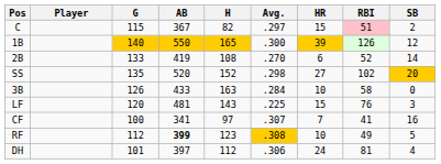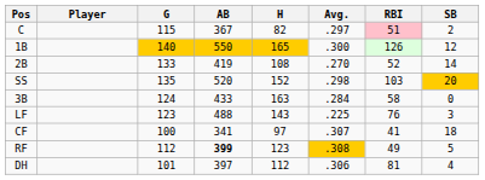 <table class="wikitable sortable">
 <tr>
 <th bgcolor="#DDDDFF" width="5%">Pos</th>
 <th bgcolor="#DDDDFF" width="16%">Player</th>
 <th bgcolor="#DDDDFF" width="9%">G</th>
 <th bgcolor="#DDDDFF" width="9%">AB</th>
 <th bgcolor="#DDDDFF" width="9%">H</th>
 <th bgcolor="#DDDDFF" width="9%">Avg.</th>
-<th bgcolor="#DDDDFF" width="9%">HR</th>
 <th bgcolor="#DDDDFF" width="9%">RBI</th>
 <th bgcolor="#DDDDFF" width="9%">SB</th>
 </tr>
 <tr align="center">
 <td>C</td>
 <td></td>
 <td>115</td>
 <td>367</td>
 <td>82</td>
 <td>.297</td>
-<td>15</td>
 <td style="background: pink;">51</td>
 <td>2</td>
 </tr>
 <tr align="center">
 <td>1B</td>
 <td></td>
 <td style="background:#fc0;">140</td>
 <td style="background:#fc0;">550</td>
 <td style="background:#fc0;">165</td>
 <td>.300</td>
-<td style="background:#fc0;">39</td>
 <td style="background:#DDFFDD;">126</td>
 <td>12</td>
 </tr>
 <tr align="center">
 <td>2B</td>
 <td></td>
 <td>133</td>
 <td>419</td>
 <td>108</td>
 <td>.270</td>
-<td>6</td>
 <td>52</td>
 <td>14</td>
 </tr>
 <tr align="center">
 <td>SS</td>
 <td></td>
 <td>135</td>
 <td>520</td>
 <td>152</td>
 <td>.298</td>
-<td>27</td>
-<td>102</td>
+<td>103</td>
 <td style="background:#fc0;">20</td>
 </tr>
 <tr align="center">
 <td>3B</td>
 <td></td>
-<td>126</td>
+<td>124</td>
 <td>433</td>
 <td>163</td>
 <td>.284</td>
-<td>10</td>
 <td>58</td>
 <td>0</td>
 </tr>
 <tr align="center">
 <td>LF</td>
 <td></td>
-<td>120</td>
-<td>481</td>
+<td>123</td>
+<td>488</td>
 <td>143</td>
 <td>.225</td>
-<td>15</td>
 <td>76</td>
 <td>3</td>
 </tr>
 <tr align="center">
 <td>CF</td>
 <td></td>
 <td>100</td>
 <td>341</td>
 <td>97</td>
 <td>.307</td>
-<td>7</td>
 <td>41</td>
-<td>16</td>
+<td>18</td>
 </tr>
 <tr align="center">
 <td>RF</td>
 <td></td>
 <td>112</td>
 <td><strong>399</strong></td>
 <td>123</td>
 <td style="background:#fc0;">.308</td>
-<td>10</td>
 <td>49</td>
 <td>5</td>
 </tr>
 <tr align="center">
 <td>DH</td>
 <td></td>
 <td>101</td>
 <td>397</td>
 <td>112</td>
 <td>.306</td>
-<td>24</td>
 <td>81</td>
 <td>4</td>
 </tr>
 </table>
